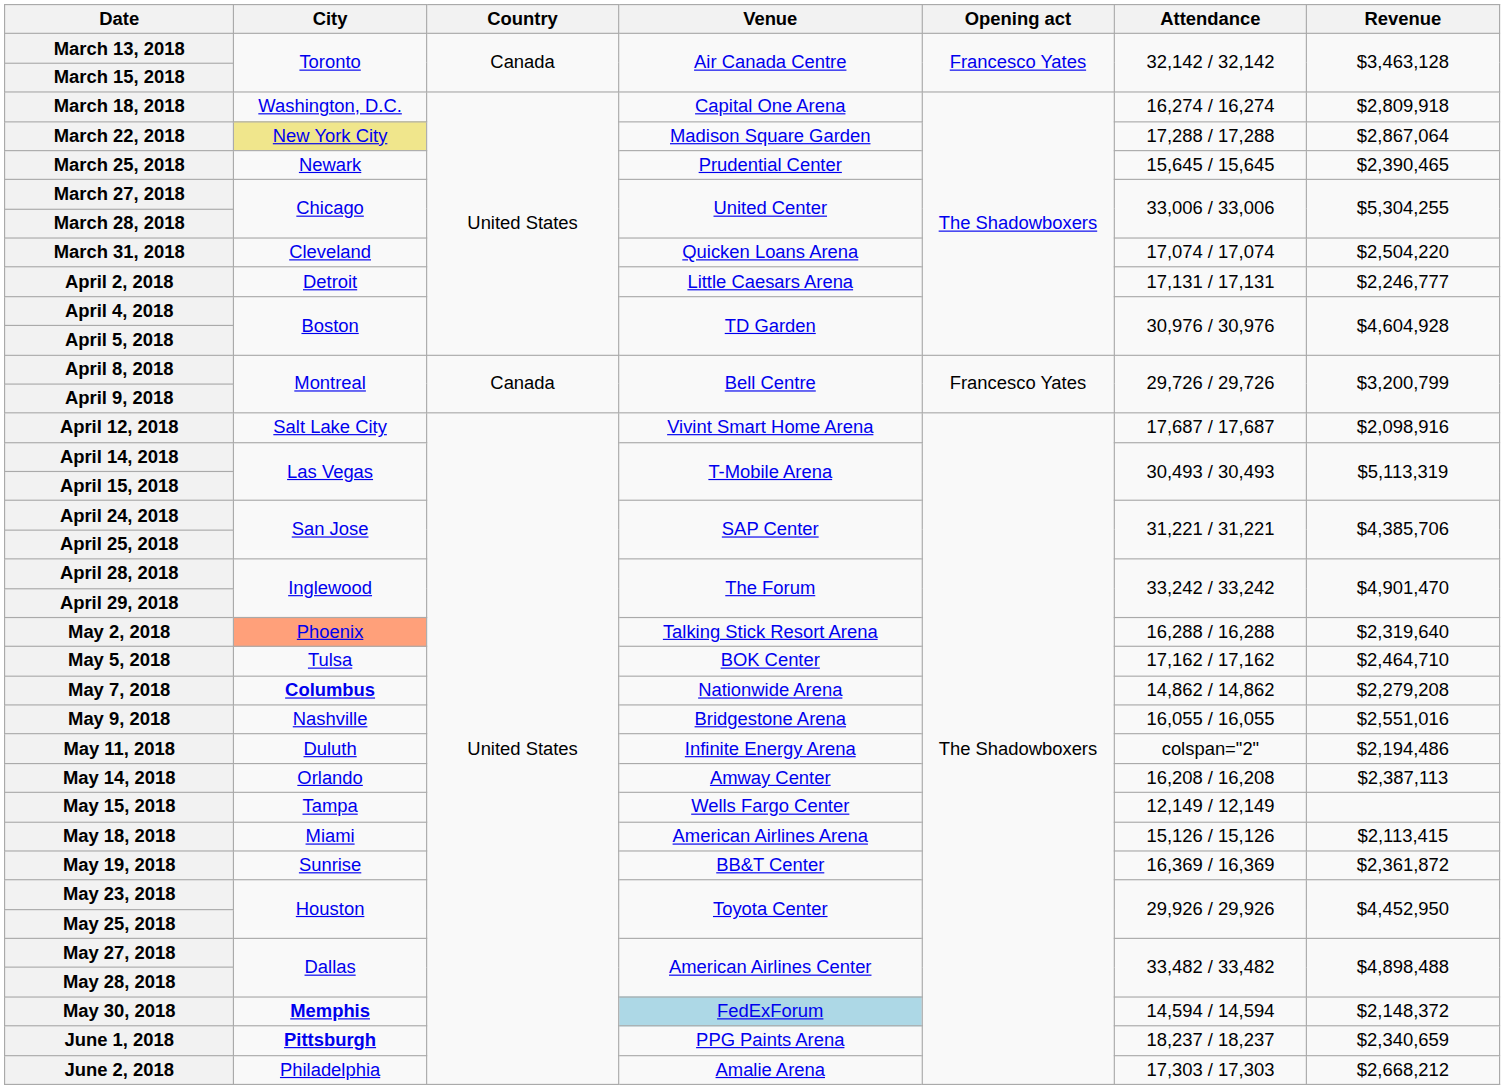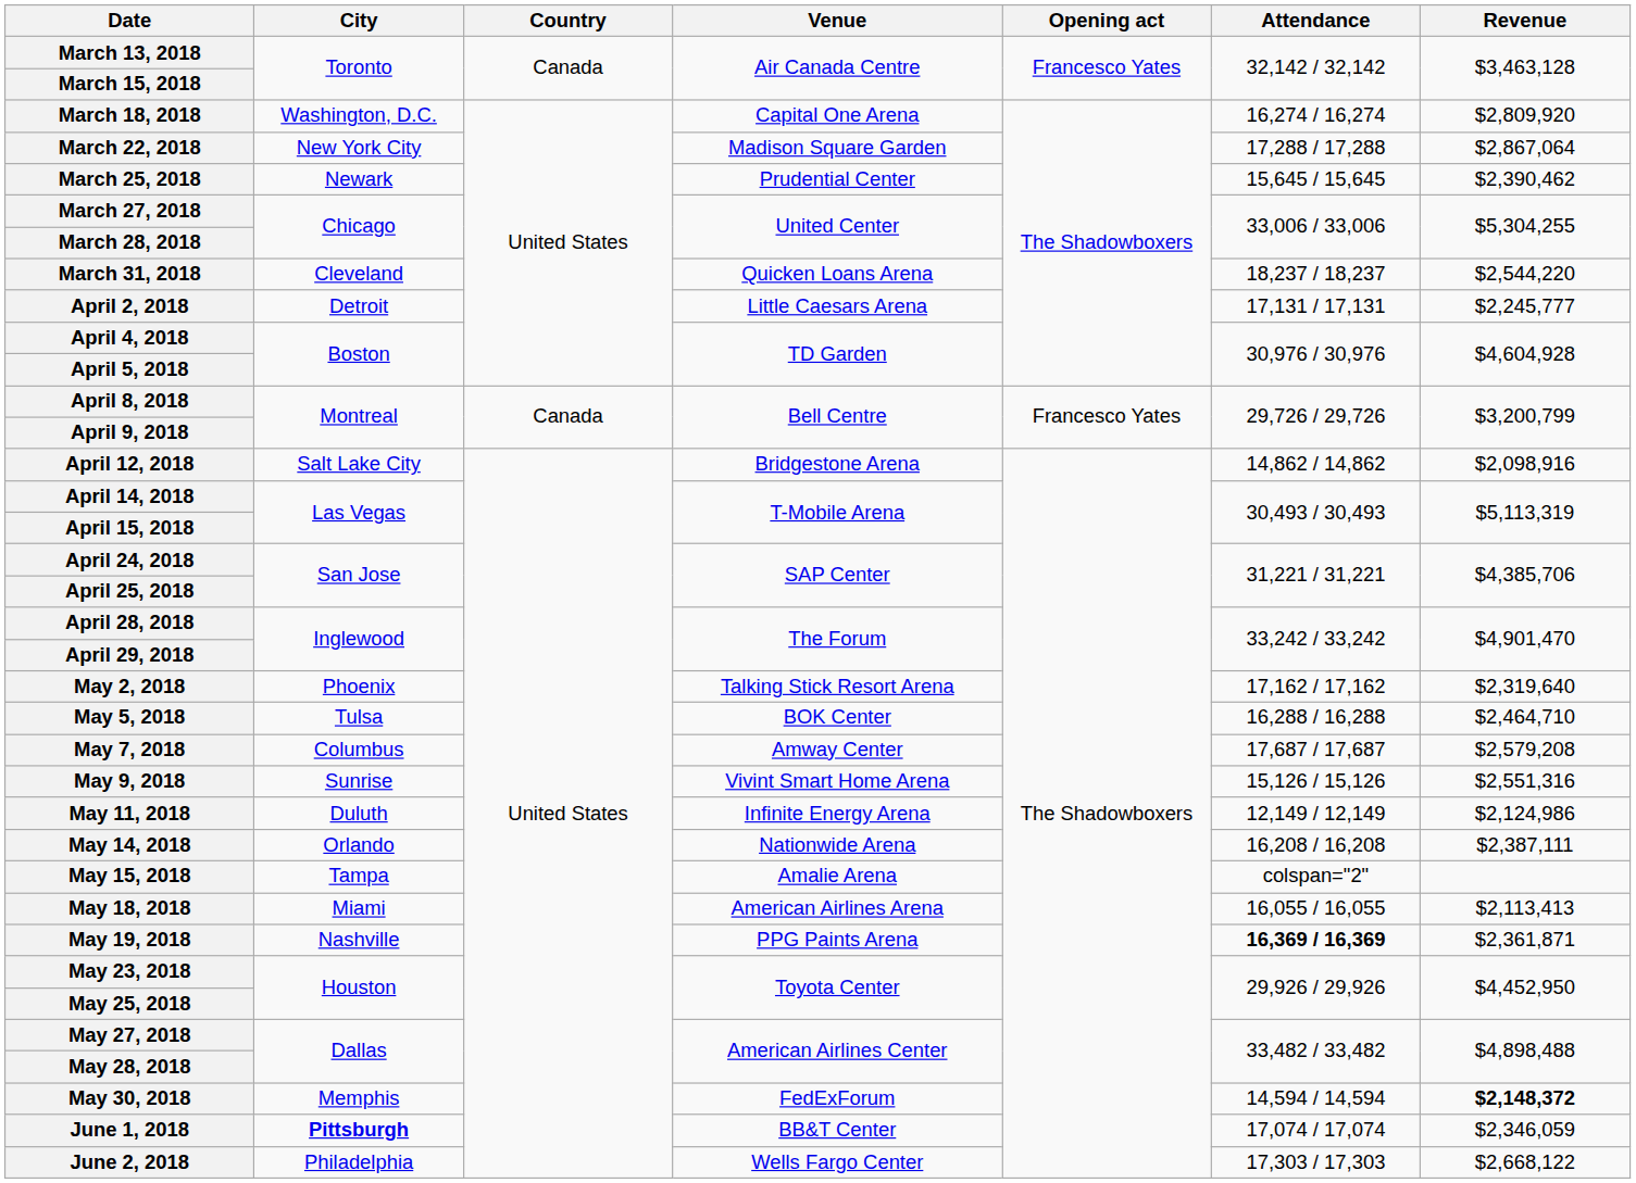 <table class="wikitable plainrowheaders" style="text-align:center;">
 <tr>
 <th scope="col" style="width:12em;">Date</th>
 <th scope="col" style="width:10em;">City</th>
 <th scope="col" style="width:10em;">Country</th>
 <th scope="col" style="width:16em;">Venue</th>
 <th scope="col" style="width:10em;">Opening act</th>
 <th scope="col" style="width:10em;">Attendance</th>
 <th scope="col" style="width:10em;">Revenue</th>
 </tr>
 <tr>
 <th scope="row">March 13, 2018</th>
 <td rowspan="2"><a href='#'>Toronto</a></td>
 <td rowspan="2">Canada</td>
 <td rowspan="2"><a href='#'>Air Canada Centre</a></td>
 <td rowspan="2"><a href='#'>Francesco Yates</a></td>
 <td rowspan="2">32,142 / 32,142</td>
 <td rowspan="2">$3,463,128</td>
 </tr>
 <tr>
 <th scope="row">March 15, 2018</th>
 </tr>
 <tr>
 <th scope="row">March 18, 2018</th>
 <td><a href='#'>Washington, D.C.</a></td>
 <td rowspan="9">United States</td>
 <td><a href='#'>Capital One Arena</a></td>
 <td rowspan="9"><a href='#'>The Shadowboxers</a></td>
 <td>16,274 / 16,274</td>
-<td>$2,809,918</td>
+<td>$2,809,920</td>
 </tr>
 <tr>
 <th scope="row">March 22, 2018</th>
-<td style="background: khaki;"><a href='#'>New York City</a></td>
+<td><a href='#'>New York City</a></td>
 <td><a href='#'>Madison Square Garden</a></td>
 <td>17,288 / 17,288</td>
 <td>$2,867,064</td>
 </tr>
 <tr>
 <th scope="row">March 25, 2018</th>
 <td><a href='#'>Newark</a></td>
 <td><a href='#'>Prudential Center</a></td>
 <td>15,645 / 15,645</td>
-<td>$2,390,465</td>
+<td>$2,390,462</td>
 </tr>
 <tr>
 <th scope="row">March 27, 2018</th>
 <td rowspan="2"><a href='#'>Chicago</a></td>
 <td rowspan="2"><a href='#'>United Center</a></td>
 <td rowspan="2">33,006 / 33,006</td>
 <td rowspan="2">$5,304,255</td>
 </tr>
 <tr>
 <th scope="row">March 28, 2018</th>
 </tr>
 <tr>
 <th scope="row">March 31, 2018</th>
 <td><a href='#'>Cleveland</a></td>
 <td><a href='#'>Quicken Loans Arena</a></td>
-<td>17,074 / 17,074</td>
-<td>$2,504,220</td>
+<td>18,237 / 18,237</td>
+<td>$2,544,220</td>
 </tr>
 <tr>
 <th scope="row">April 2, 2018</th>
 <td><a href='#'>Detroit</a></td>
 <td><a href='#'>Little Caesars Arena</a></td>
 <td>17,131 / 17,131</td>
-<td>$2,246,777</td>
+<td>$2,245,777</td>
 </tr>
 <tr>
 <th scope="row">April 4, 2018</th>
 <td rowspan="2"><a href='#'>Boston</a></td>
 <td rowspan="2"><a href='#'>TD Garden</a></td>
 <td rowspan="2">30,976 / 30,976</td>
 <td rowspan="2">$4,604,928</td>
 </tr>
 <tr>
 <th scope="row">April 5, 2018</th>
 </tr>
 <tr>
 <th scope="row">April 8, 2018</th>
 <td rowspan="2"><a href='#'>Montreal</a></td>
 <td rowspan="2">Canada</td>
 <td rowspan="2"><a href='#'>Bell Centre</a></td>
 <td rowspan="2">Francesco Yates</td>
 <td rowspan="2">29,726 / 29,726</td>
 <td rowspan="2">$3,200,799</td>
 </tr>
 <tr>
 <th scope="row">April 9, 2018</th>
 </tr>
 <tr>
 <th scope="row">April 12, 2018</th>
 <td><a href='#'>Salt Lake City</a></td>
 <td rowspan="23">United States</td>
-<td><a href='#'>Vivint Smart Home Arena</a></td>
+<td><a href='#'>Bridgestone Arena</a></td>
 <td rowspan="23">The Shadowboxers</td>
-<td>17,687 / 17,687</td>
+<td>14,862 / 14,862</td>
 <td>$2,098,916</td>
 </tr>
 <tr>
 <th scope="row">April 14, 2018</th>
 <td rowspan="2"><a href='#'>Las Vegas</a></td>
 <td rowspan="2"><a href='#'>T-Mobile Arena</a></td>
 <td rowspan="2">30,493 / 30,493</td>
 <td rowspan="2">$5,113,319</td>
 </tr>
 <tr>
 <th scope="row">April 15, 2018</th>
 </tr>
 <tr>
 <th scope="row">April 24, 2018</th>
 <td rowspan="2"><a href='#'>San Jose</a></td>
 <td rowspan="2"><a href='#'>SAP Center</a></td>
 <td rowspan="2">31,221 / 31,221</td>
 <td rowspan="2">$4,385,706</td>
 </tr>
 <tr>
 <th scope="row">April 25, 2018</th>
 </tr>
 <tr>
 <th scope="row">April 28, 2018</th>
 <td rowspan="2"><a href='#'>Inglewood</a></td>
 <td rowspan="2"><a href='#'>The Forum</a></td>
 <td rowspan="2">33,242 / 33,242</td>
 <td rowspan="2">$4,901,470</td>
 </tr>
 <tr>
 <th scope="row">April 29, 2018</th>
 </tr>
 <tr>
 <th scope="row">May 2, 2018</th>
-<td style="background: lightsalmon;"><a href='#'>Phoenix</a></td>
+<td><a href='#'>Phoenix</a></td>
 <td><a href='#'>Talking Stick Resort Arena</a></td>
-<td>16,288 / 16,288</td>
+<td>17,162 / 17,162</td>
 <td>$2,319,640</td>
 </tr>
 <tr>
 <th scope="row">May 5, 2018</th>
 <td><a href='#'>Tulsa</a></td>
 <td><a href='#'>BOK Center</a></td>
-<td>17,162 / 17,162</td>
+<td>16,288 / 16,288</td>
 <td>$2,464,710</td>
 </tr>
 <tr>
 <th scope="row">May 7, 2018</th>
-<td><strong><a href='#'>Columbus</a></strong></td>
-<td><a href='#'>Nationwide Arena</a></td>
-<td>14,862 / 14,862</td>
-<td>$2,279,208</td>
+<td><a href='#'>Columbus</a></td>
+<td><a href='#'>Amway Center</a></td>
+<td>17,687 / 17,687</td>
+<td>$2,579,208</td>
 </tr>
 <tr>
 <th scope="row">May 9, 2018</th>
-<td><a href='#'>Nashville</a></td>
-<td><a href='#'>Bridgestone Arena</a></td>
-<td>16,055 / 16,055</td>
-<td>$2,551,016</td>
+<td><a href='#'>Sunrise</a></td>
+<td><a href='#'>Vivint Smart Home Arena</a></td>
+<td>15,126 / 15,126</td>
+<td>$2,551,316</td>
 </tr>
 <tr>
 <th scope="row">May 11, 2018</th>
 <td><a href='#'>Duluth</a></td>
 <td><a href='#'>Infinite Energy Arena</a></td>
-<td>colspan="2" </td>
-<td>$2,194,486</td>
+<td>12,149 / 12,149</td>
+<td>$2,124,986</td>
 </tr>
 <tr>
 <th scope="row">May 14, 2018</th>
 <td><a href='#'>Orlando</a></td>
-<td><a href='#'>Amway Center</a></td>
+<td><a href='#'>Nationwide Arena</a></td>
 <td>16,208 / 16,208</td>
-<td>$2,387,113</td>
+<td>$2,387,111</td>
 </tr>
 <tr>
 <th scope="row">May 15, 2018</th>
 <td><a href='#'>Tampa</a></td>
-<td><a href='#'>Wells Fargo Center</a></td>
-<td>12,149 / 12,149</td>
+<td><a href='#'>Amalie Arena</a></td>
+<td>colspan="2" </td>
 </tr>
 <tr>
 <th scope="row">May 18, 2018</th>
 <td><a href='#'>Miami</a></td>
 <td><a href='#'>American Airlines Arena</a></td>
-<td>15,126 / 15,126</td>
-<td>$2,113,415</td>
+<td>16,055 / 16,055</td>
+<td>$2,113,413</td>
 </tr>
 <tr>
 <th scope="row">May 19, 2018</th>
-<td><a href='#'>Sunrise</a></td>
-<td><a href='#'>BB&T Center</a></td>
-<td>16,369 / 16,369</td>
-<td>$2,361,872</td>
+<td><a href='#'>Nashville</a></td>
+<td><a href='#'>PPG Paints Arena</a></td>
+<td><strong>16,369 / 16,369</strong></td>
+<td>$2,361,871</td>
 </tr>
 <tr>
 <th scope="row">May 23, 2018</th>
 <td rowspan="2"><a href='#'>Houston</a></td>
 <td rowspan="2"><a href='#'>Toyota Center</a></td>
 <td rowspan="2">29,926 / 29,926</td>
 <td rowspan="2">$4,452,950</td>
 </tr>
 <tr>
 <th scope="row">May 25, 2018</th>
 </tr>
 <tr>
 <th scope="row">May 27, 2018</th>
 <td rowspan="2"><a href='#'>Dallas</a></td>
 <td rowspan="2"><a href='#'>American Airlines Center</a></td>
 <td rowspan="2">33,482 / 33,482</td>
 <td rowspan="2">$4,898,488</td>
 </tr>
 <tr>
 <th scope="row">May 28, 2018</th>
 </tr>
 <tr>
 <th scope="row">May 30, 2018</th>
-<td><strong><a href='#'>Memphis</a></strong></td>
-<td style="background: lightblue;"><a href='#'>FedExForum</a></td>
+<td><a href='#'>Memphis</a></td>
+<td><a href='#'>FedExForum</a></td>
 <td>14,594 / 14,594</td>
-<td>$2,148,372</td>
+<td><strong>$2,148,372</strong></td>
 </tr>
 <tr>
 <th scope="row">June 1, 2018</th>
 <td><strong><a href='#'>Pittsburgh</a></strong></td>
-<td><a href='#'>PPG Paints Arena</a></td>
-<td>18,237 / 18,237</td>
-<td>$2,340,659</td>
+<td><a href='#'>BB&T Center</a></td>
+<td>17,074 / 17,074</td>
+<td>$2,346,059</td>
 </tr>
 <tr>
 <th scope="row">June 2, 2018</th>
 <td><a href='#'>Philadelphia</a></td>
-<td><a href='#'>Amalie Arena</a></td>
+<td><a href='#'>Wells Fargo Center</a></td>
 <td>17,303 / 17,303</td>
-<td>$2,668,212</td>
+<td>$2,668,122</td>
 </tr>
 </table>
